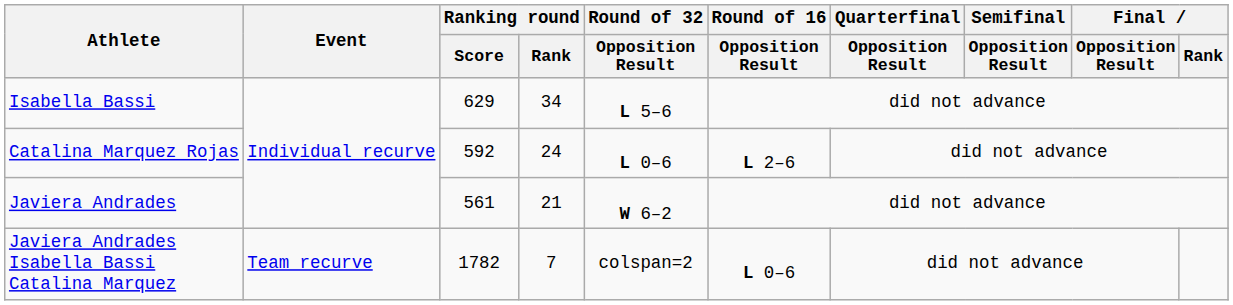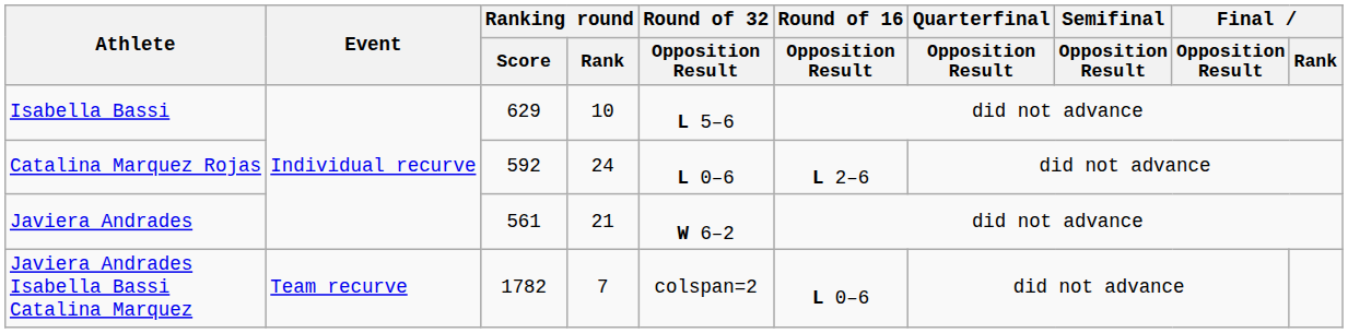 <table class=wikitable style=font-size:90%;text-align:center>
 <tr>
 <th rowspan=2>Athlete</th>
 <th rowspan=2>Event</th>
 <th colspan=2>Ranking round</th>
 <th>Round of 32</th>
 <th>Round of 16</th>
 <th>Quarterfinal</th>
 <th>Semifinal</th>
 <th colspan=2>Final / </th>
 </tr>
 <tr style=font-size:95%>
 <th>Score</th>
 <th>Rank</th>
 <th>Opposition<br>Result</th>
 <th>Opposition<br>Result</th>
 <th>Opposition<br>Result</th>
 <th>Opposition<br>Result</th>
 <th>Opposition<br>Result</th>
 <th>Rank</th>
 </tr>
 <tr>
 <td align=left><a href='#'>Isabella Bassi</a></td>
 <td align=left rowspan=3><a href='#'>Individual recurve</a></td>
 <td>629</td>
-<td>34</td>
+<td>10</td>
 <td><br><strong>L</strong> 5–6</td>
 <td colspan=5>did not advance</td>
 </tr>
 <tr align=center>
 <td align=left><a href='#'>Catalina Marquez Rojas</a></td>
 <td>592</td>
 <td>24</td>
 <td><br><strong>L</strong> 0–6</td>
 <td><br><strong>L</strong> 2–6</td>
 <td colspan=4>did not advance</td>
 </tr>
 <tr align=center>
 <td align=left><a href='#'>Javiera Andrades</a></td>
 <td>561</td>
 <td>21</td>
 <td><br><strong>W</strong> 6–2</td>
 <td colspan=5>did not advance</td>
 </tr>
 <tr align=center>
 <td align=left><a href='#'>Javiera Andrades</a><br><a href='#'>Isabella Bassi</a><br><a href='#'>Catalina Marquez</a></td>
 <td align=left><a href='#'>Team recurve</a></td>
 <td>1782</td>
 <td>7</td>
 <td>colspan=2 </td>
 <td><br><strong>L</strong> 0–6</td>
 <td colspan=3>did not advance</td>
 </tr>
 </table>
